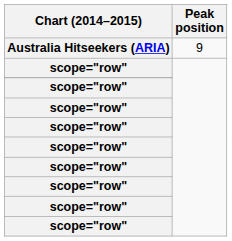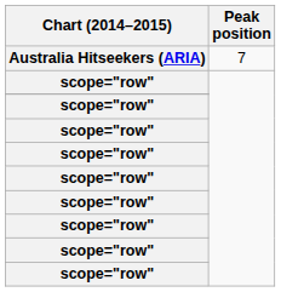 <table class="wikitable sortable plainrowheaders" style="text-align:center;">
 <tr>
 <th>Chart (2014–2015)</th>
 <th>Peak<br>position</th>
 </tr>
 <tr>
 <th scope="row">Australia Hitseekers (<a href='#'>ARIA</a>)</th>
-<td>9</td>
+<td>7</td>
 </tr>
 <tr>
 <th>scope="row"</th>
 </tr>
 <tr>
 </tr>
 <tr>
 </tr>
 <tr>
 </tr>
 <tr>
 </tr>
 <tr>
 <th>scope="row"</th>
 </tr>
 <tr>
 <th>scope="row"</th>
 </tr>
 <tr>
 <th>scope="row"</th>
 </tr>
 <tr>
 <th>scope="row"</th>
 </tr>
 <tr>
 <th>scope="row"</th>
 </tr>
 <tr>
 <th>scope="row"</th>
 </tr>
 <tr>
 <th>scope="row"</th>
 </tr>
 <tr>
 <th>scope="row"</th>
 </tr>
 </table>
